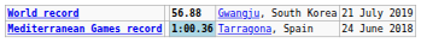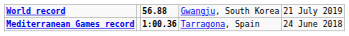 <table class="wikitable">
 <tr>
 <td><strong><a href='#'>World record</a></strong></td>
 <td></td>
 <td><strong>56.88</strong></td>
 <td><a href='#'>Gwangju</a>, South Korea</td>
 <td>21 July 2019</td>
 </tr>
 <tr>
 <td><strong><a href='#'>Mediterranean Games record</a></strong></td>
 <td></td>
-<td style="background: lightblue;"><strong>1:00.36</strong></td>
+<td><strong>1:00.36</strong></td>
 <td><a href='#'>Tarragona</a>, Spain</td>
 <td>24 June 2018</td>
 </tr>
 </table>
